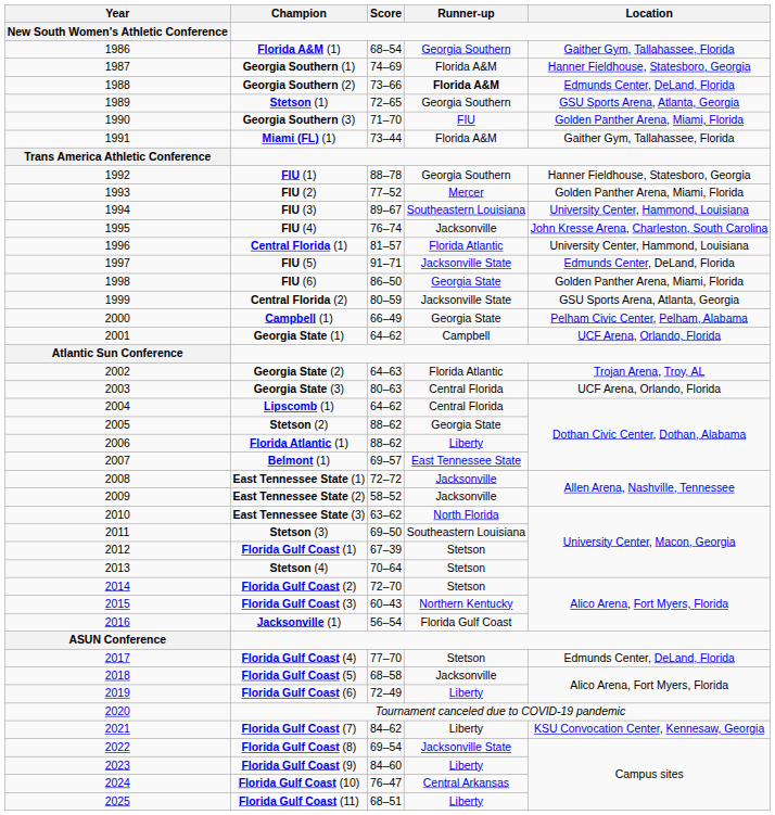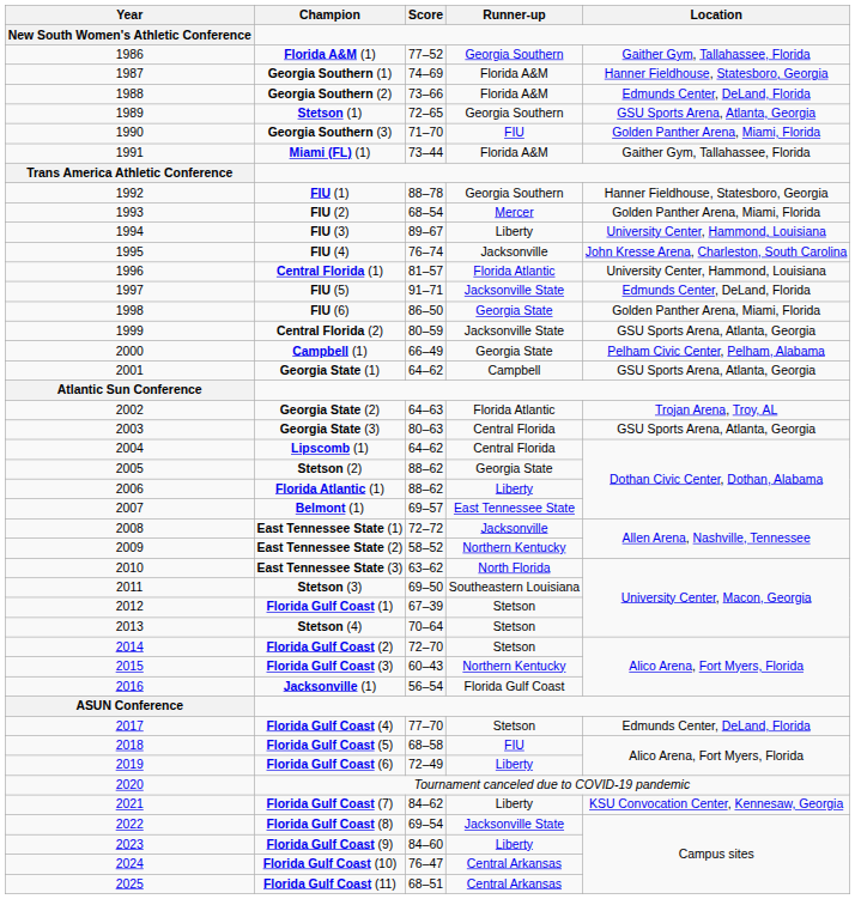 <table class="wikitable sortable" style="text-align:center">
 <tr>
 <th width=px>Year</th>
 <th width=px>Champion</th>
 <th width=px>Score</th>
 <th width=px>Runner-up</th>
 <th width=px>Location</th>
 </tr>
 <tr>
 <th style=>New South Women's Athletic Conference</th>
 </tr>
 <tr>
 <td>1986</td>
 <td><strong><a href='#'>Florida A&M</a></strong> (1)</td>
-<td>68–54</td>
+<td>77–52</td>
 <td><a href='#'>Georgia Southern</a></td>
 <td><a href='#'>Gaither Gym</a>, <a href='#'>Tallahassee, Florida</a></td>
 </tr>
 <tr>
 <td>1987</td>
 <td><strong>Georgia Southern</strong> (1)</td>
 <td>74–69</td>
 <td>Florida A&M</td>
 <td><a href='#'>Hanner Fieldhouse</a>, <a href='#'>Statesboro, Georgia</a></td>
 </tr>
 <tr>
 <td>1988</td>
 <td><strong>Georgia Southern</strong> (2)</td>
 <td>73–66</td>
-<td><strong>Florida A&M</strong></td>
+<td>Florida A&M</td>
 <td><a href='#'>Edmunds Center</a>, <a href='#'>DeLand, Florida</a></td>
 </tr>
 <tr>
 <td>1989</td>
 <td><strong><a href='#'>Stetson</a></strong> (1)</td>
 <td>72–65</td>
 <td>Georgia Southern</td>
 <td><a href='#'>GSU Sports Arena</a>, <a href='#'>Atlanta, Georgia</a></td>
 </tr>
 <tr>
 <td>1990</td>
 <td><strong>Georgia Southern</strong> (3)</td>
 <td>71–70</td>
 <td><a href='#'>FIU</a></td>
 <td><a href='#'>Golden Panther Arena</a>, <a href='#'>Miami, Florida</a></td>
 </tr>
 <tr>
 <td>1991</td>
 <td><strong><a href='#'>Miami (FL)</a></strong> (1)</td>
 <td>73–44</td>
 <td>Florida A&M</td>
 <td>Gaither Gym, Tallahassee, Florida</td>
 </tr>
 <tr>
 <th style=>Trans America Athletic Conference</th>
 </tr>
 <tr>
 <td>1992</td>
 <td><strong><a href='#'>FIU</a></strong> (1)</td>
 <td>88–78</td>
 <td>Georgia Southern</td>
 <td>Hanner Fieldhouse, Statesboro, Georgia</td>
 </tr>
 <tr>
 <td>1993</td>
 <td><strong>FIU</strong> (2)</td>
-<td>77–52</td>
+<td>68–54</td>
 <td><a href='#'>Mercer</a></td>
 <td>Golden Panther Arena, Miami, Florida</td>
 </tr>
 <tr>
 <td>1994</td>
 <td><strong>FIU</strong> (3)</td>
 <td>89–67</td>
-<td><a href='#'>Southeastern Louisiana</a></td>
+<td>Liberty</td>
 <td><a href='#'>University Center</a>, <a href='#'>Hammond, Louisiana</a></td>
 </tr>
 <tr>
 <td>1995</td>
 <td><strong>FIU</strong> (4)</td>
 <td>76–74</td>
 <td>Jacksonville</td>
 <td><a href='#'>John Kresse Arena</a>, <a href='#'>Charleston, South Carolina</a></td>
 </tr>
 <tr>
 <td>1996</td>
 <td><strong><a href='#'>Central Florida</a></strong> (1)</td>
 <td>81–57</td>
 <td><a href='#'>Florida Atlantic</a></td>
 <td>University Center, Hammond, Louisiana</td>
 </tr>
 <tr>
 <td>1997</td>
 <td><strong>FIU</strong> (5)</td>
 <td>91–71</td>
 <td><a href='#'>Jacksonville State</a></td>
 <td><a href='#'>Edmunds Center</a>, DeLand, Florida</td>
 </tr>
 <tr>
 <td>1998</td>
 <td><strong>FIU</strong> (6)</td>
 <td>86–50</td>
 <td><a href='#'>Georgia State</a></td>
 <td>Golden Panther Arena, Miami, Florida</td>
 </tr>
 <tr>
 <td>1999</td>
 <td><strong>Central Florida</strong> (2)</td>
 <td>80–59</td>
 <td>Jacksonville State</td>
 <td>GSU Sports Arena, Atlanta, Georgia</td>
 </tr>
 <tr>
 <td>2000</td>
 <td><strong><a href='#'>Campbell</a></strong> (1)</td>
 <td>66–49</td>
 <td>Georgia State</td>
 <td><a href='#'>Pelham Civic Center</a>, <a href='#'>Pelham, Alabama</a></td>
 </tr>
 <tr>
 <td>2001</td>
 <td><strong>Georgia State</strong> (1)</td>
 <td>64–62</td>
 <td>Campbell</td>
-<td><a href='#'>UCF Arena</a>, <a href='#'>Orlando, Florida</a></td>
+<td>GSU Sports Arena, Atlanta, Georgia</td>
 </tr>
 <tr>
 <th style=>Atlantic Sun Conference</th>
 </tr>
 <tr>
 <td>2002</td>
 <td><strong>Georgia State</strong> (2)</td>
 <td>64–63</td>
 <td>Florida Atlantic</td>
 <td><a href='#'>Trojan Arena</a>, <a href='#'>Troy, AL</a></td>
 </tr>
 <tr>
 <td>2003</td>
 <td><strong>Georgia State</strong> (3)</td>
 <td>80–63</td>
 <td>Central Florida</td>
-<td>UCF Arena, Orlando, Florida</td>
+<td>GSU Sports Arena, Atlanta, Georgia</td>
 </tr>
 <tr>
 <td>2004</td>
 <td><strong><a href='#'>Lipscomb</a></strong> (1)</td>
 <td>64–62</td>
 <td>Central Florida</td>
 <td rowspan=4><a href='#'>Dothan Civic Center</a>, <a href='#'>Dothan, Alabama</a></td>
 </tr>
 <tr>
 <td>2005</td>
 <td><strong>Stetson</strong> (2)</td>
 <td>88–62</td>
 <td>Georgia State</td>
 </tr>
 <tr>
 <td>2006</td>
 <td><strong><a href='#'>Florida Atlantic</a></strong> (1)</td>
 <td>88–62</td>
 <td><a href='#'>Liberty</a></td>
 </tr>
 <tr>
 <td>2007</td>
 <td><strong><a href='#'>Belmont</a></strong> (1)</td>
 <td>69–57</td>
 <td><a href='#'>East Tennessee State</a></td>
 </tr>
 <tr>
 <td>2008</td>
 <td><strong>East Tennessee State</strong> (1)</td>
 <td>72–72</td>
 <td><a href='#'>Jacksonville</a></td>
 <td rowspan=2><a href='#'>Allen Arena</a>, <a href='#'>Nashville, Tennessee</a></td>
 </tr>
 <tr>
 <td>2009</td>
 <td><strong>East Tennessee State</strong> (2)</td>
 <td>58–52</td>
-<td>Jacksonville</td>
+<td><a href='#'>Northern Kentucky</a></td>
 </tr>
 <tr>
 <td>2010</td>
 <td><strong>East Tennessee State</strong> (3)</td>
 <td>63–62</td>
 <td><a href='#'>North Florida</a></td>
 <td rowspan=4><a href='#'>University Center</a>, <a href='#'>Macon, Georgia</a></td>
 </tr>
 <tr>
 <td>2011</td>
 <td><strong>Stetson</strong> (3)</td>
 <td>69–50</td>
 <td>Southeastern Louisiana</td>
 </tr>
 <tr>
 <td>2012</td>
 <td><strong><a href='#'>Florida Gulf Coast</a></strong> (1)</td>
 <td>67–39</td>
 <td>Stetson</td>
 </tr>
 <tr>
 <td>2013</td>
 <td><strong>Stetson</strong> (4)</td>
 <td>70–64</td>
 <td>Stetson</td>
 </tr>
 <tr>
 <td><a href='#'>2014</a></td>
 <td><strong><a href='#'>Florida Gulf Coast</a></strong> (2)</td>
 <td>72–70</td>
 <td>Stetson</td>
 <td rowspan=3><a href='#'>Alico Arena</a>, <a href='#'>Fort Myers, Florida</a></td>
 </tr>
 <tr>
 <td><a href='#'>2015</a></td>
 <td><strong><a href='#'>Florida Gulf Coast</a></strong> (3)</td>
 <td>60–43</td>
 <td><a href='#'>Northern Kentucky</a></td>
 </tr>
 <tr>
 <td><a href='#'>2016</a></td>
 <td><strong><a href='#'>Jacksonville</a></strong> (1)</td>
 <td>56–54</td>
 <td>Florida Gulf Coast</td>
 </tr>
 <tr>
 <th style=>ASUN Conference</th>
 </tr>
 <tr>
 <td><a href='#'>2017</a></td>
 <td><strong><a href='#'>Florida Gulf Coast</a></strong> (4)</td>
 <td>77–70</td>
 <td>Stetson</td>
 <td>Edmunds Center, <a href='#'>DeLand, Florida</a></td>
 </tr>
 <tr>
 <td><a href='#'>2018</a></td>
 <td><strong><a href='#'>Florida Gulf Coast</a></strong> (5)</td>
 <td>68–58</td>
-<td>Jacksonville</td>
+<td><a href='#'>FIU</a></td>
 <td rowspan=2>Alico Arena, Fort Myers, Florida</td>
 </tr>
 <tr>
 <td><a href='#'>2019</a></td>
 <td><strong><a href='#'>Florida Gulf Coast</a></strong> (6)</td>
 <td>72–49</td>
 <td><a href='#'>Liberty</a></td>
 </tr>
 <tr>
 <td><a href='#'>2020</a></td>
 <td colspan=4><em>Tournament canceled due to COVID-19 pandemic</em></td>
 </tr>
 <tr>
 <td><a href='#'>2021</a></td>
 <td><strong><a href='#'>Florida Gulf Coast</a></strong> (7)</td>
 <td>84–62</td>
 <td>Liberty</td>
 <td><a href='#'>KSU Convocation Center</a>, <a href='#'>Kennesaw, Georgia</a></td>
 </tr>
 <tr>
 <td><a href='#'>2022</a></td>
 <td><strong><a href='#'>Florida Gulf Coast</a></strong> (8)</td>
 <td>69–54</td>
 <td><a href='#'>Jacksonville State</a></td>
 <td rowspan="4">Campus sites</td>
 </tr>
 <tr>
 <td><a href='#'>2023</a></td>
 <td><strong><a href='#'>Florida Gulf Coast</a></strong> (9)</td>
 <td>84–60</td>
 <td><a href='#'>Liberty</a></td>
 </tr>
 <tr>
 <td><a href='#'>2024</a></td>
 <td><strong><a href='#'>Florida Gulf Coast</a></strong> (10)</td>
 <td>76–47</td>
 <td><a href='#'>Central Arkansas</a></td>
 </tr>
 <tr>
 <td><a href='#'>2025</a></td>
 <td><strong><a href='#'>Florida Gulf Coast</a></strong> (11)</td>
 <td>68–51</td>
-<td><a href='#'>Liberty</a></td>
+<td><a href='#'>Central Arkansas</a></td>
 </tr>
 </table>
